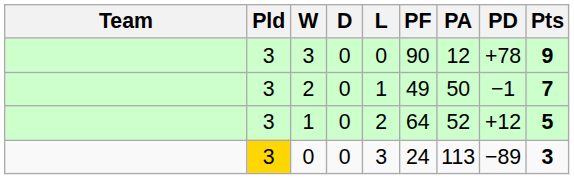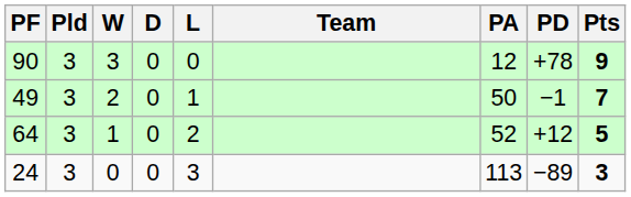 <table class="wikitable" style="text-align:center;">
 <tr>
-<th width=175>Team</th>
+<th width=20 abbr="Points for">PF</th>
 <th width=20 abbr="Played">Pld</th>
 <th width=20 abbr="Won">W</th>
 <th width=20 abbr="Drawn">D</th>
 <th width=20 abbr="Lost">L</th>
-<th width=20 abbr="Points for">PF</th>
+<th width=175>Team</th>
 <th width=20 abbr="Points against">PA</th>
 <th width=25 abbr="Points difference">PD</th>
 <th width=20 abbr="Points">Pts</th>
 </tr>
 <tr bgcolor=ccffcc>
-<td style="text-align:left;"></td>
+<td>90</td>
 <td>3</td>
 <td>3</td>
 <td>0</td>
 <td>0</td>
-<td>90</td>
+<td style="text-align:left;"></td>
 <td>12</td>
 <td>+78</td>
 <td><strong>9</strong></td>
 </tr>
 <tr bgcolor=ccffcc>
-<td style="text-align:left;"></td>
+<td>49</td>
 <td>3</td>
 <td>2</td>
 <td>0</td>
 <td>1</td>
-<td>49</td>
+<td style="text-align:left;"></td>
 <td>50</td>
 <td>−1</td>
 <td><strong>7</strong></td>
 </tr>
 <tr bgcolor=ccffcc>
-<td style="text-align:left;"></td>
+<td>64</td>
 <td>3</td>
 <td>1</td>
 <td>0</td>
 <td>2</td>
-<td>64</td>
+<td style="text-align:left;"></td>
 <td>52</td>
 <td>+12</td>
 <td><strong>5</strong></td>
 </tr>
 <tr>
-<td style="text-align:left;"></td>
-<td style="background: gold;">3</td>
+<td>24</td>
+<td>3</td>
 <td>0</td>
 <td>0</td>
 <td>3</td>
-<td>24</td>
+<td style="text-align:left;"></td>
 <td>113</td>
 <td>−89</td>
 <td><strong>3</strong></td>
 </tr>
 </table>
